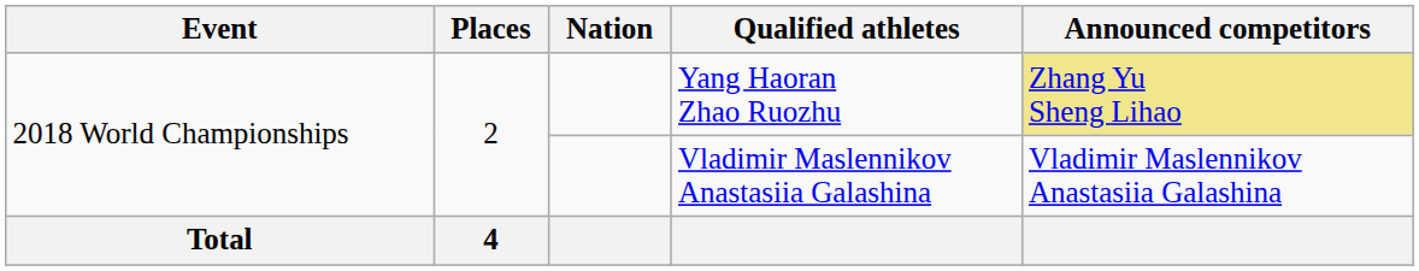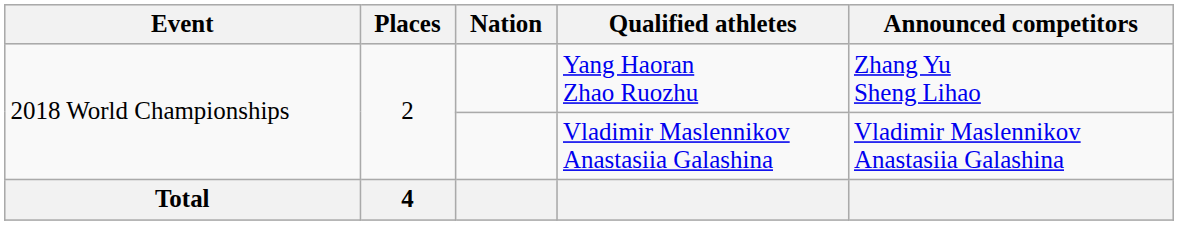 <table class=wikitable style="text-align:left" width=750>
 <tr>
 <th>Event</th>
 <th>Places</th>
 <th>Nation</th>
 <th>Qualified athletes</th>
 <th>Announced competitors</th>
 </tr>
 <tr>
 <td rowspan="2">2018 World Championships</td>
 <td rowspan=2 align=center>2</td>
 <td></td>
 <td><a href='#'>Yang Haoran</a><br><a href='#'>Zhao Ruozhu</a></td>
-<td style="background: khaki;"><a href='#'>Zhang Yu</a><br><a href='#'>Sheng Lihao</a></td>
+<td><a href='#'>Zhang Yu</a><br><a href='#'>Sheng Lihao</a></td>
 </tr>
 <tr>
 <td></td>
 <td><a href='#'>Vladimir Maslennikov</a><br><a href='#'>Anastasiia Galashina</a></td>
 <td><a href='#'>Vladimir Maslennikov</a><br><a href='#'>Anastasiia Galashina</a><br></td>
 </tr>
 <tr>
 <th>Total</th>
 <th>4</th>
 <th></th>
 <th></th>
 <th></th>
 </tr>
 </table>
